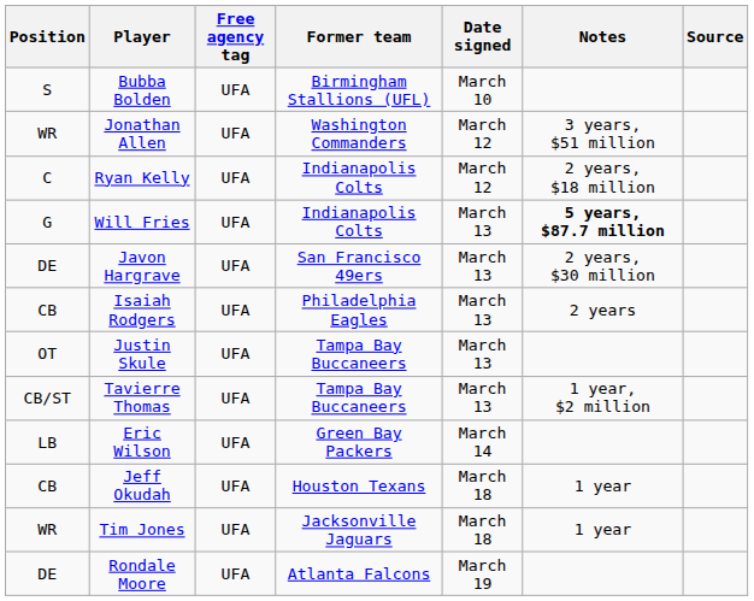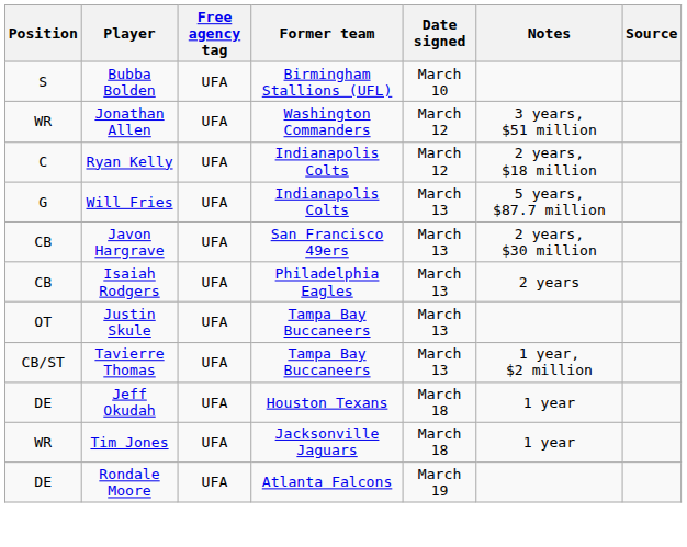 <table class="wikitable" style="text-align:center">
 <tr>
 <th>Position</th>
 <th>Player</th>
 <th><a href='#'><span>Free agency</span></a><br>tag</th>
 <th>Former team</th>
 <th>Date signed</th>
 <th>Notes</th>
 <th>Source</th>
 </tr>
 <tr>
 <td>S</td>
 <td><a href='#'>Bubba Bolden</a></td>
 <td>UFA</td>
 <td><a href='#'>Birmingham Stallions (UFL)</a></td>
 <td>March 10</td>
 <td></td>
 <td></td>
 </tr>
 <tr>
 <td>WR</td>
 <td><a href='#'>Jonathan Allen</a></td>
 <td>UFA</td>
 <td><a href='#'>Washington Commanders</a></td>
 <td>March 12</td>
 <td>3 years, $51 million</td>
 <td></td>
 </tr>
 <tr>
 <td>C</td>
 <td><a href='#'>Ryan Kelly</a></td>
 <td>UFA</td>
 <td><a href='#'>Indianapolis Colts</a></td>
 <td>March 12</td>
 <td>2 years, $18 million</td>
 <td></td>
 </tr>
 <tr>
 <td>G</td>
 <td><a href='#'>Will Fries</a></td>
 <td>UFA</td>
 <td><a href='#'>Indianapolis Colts</a></td>
 <td>March 13</td>
-<td><strong>5 years, $87.7 million</strong></td>
+<td>5 years, $87.7 million</td>
 <td></td>
 </tr>
 <tr>
-<td>DE</td>
+<td>CB</td>
 <td><a href='#'>Javon Hargrave</a></td>
 <td>UFA</td>
 <td><a href='#'>San Francisco 49ers</a></td>
 <td>March 13</td>
 <td>2 years, $30 million</td>
 <td></td>
 </tr>
 <tr>
 <td>CB</td>
 <td><a href='#'>Isaiah Rodgers</a></td>
 <td>UFA</td>
 <td><a href='#'>Philadelphia Eagles</a></td>
 <td>March 13</td>
 <td>2 years</td>
 <td></td>
 </tr>
 <tr>
 <td>OT</td>
 <td><a href='#'>Justin Skule</a></td>
 <td>UFA</td>
 <td><a href='#'>Tampa Bay Buccaneers</a></td>
 <td>March 13</td>
 <td></td>
 <td></td>
 </tr>
 <tr>
 <td>CB/ST</td>
 <td><a href='#'>Tavierre Thomas</a></td>
 <td>UFA</td>
 <td><a href='#'>Tampa Bay Buccaneers</a></td>
 <td>March 13</td>
 <td>1 year, $2 million</td>
 <td></td>
 </tr>
 <tr>
-<td>LB</td>
-<td><a href='#'>Eric Wilson</a></td>
-<td>UFA</td>
-<td><a href='#'>Green Bay Packers</a></td>
-<td>March 14</td>
-<td></td>
-<td></td>
-</tr>
-<tr>
-<td>CB</td>
+<td>DE</td>
 <td><a href='#'>Jeff Okudah</a></td>
 <td>UFA</td>
 <td><a href='#'>Houston Texans</a></td>
 <td>March 18</td>
 <td>1 year</td>
 <td></td>
 </tr>
 <tr>
 <td>WR</td>
 <td><a href='#'>Tim Jones</a></td>
 <td>UFA</td>
 <td><a href='#'>Jacksonville Jaguars</a></td>
 <td>March 18</td>
 <td>1 year</td>
 <td></td>
 </tr>
 <tr>
 <td>DE</td>
 <td><a href='#'>Rondale Moore</a></td>
 <td>UFA</td>
 <td><a href='#'>Atlanta Falcons</a></td>
 <td>March 19</td>
 <td></td>
 <td></td>
 </tr>
 </table>
